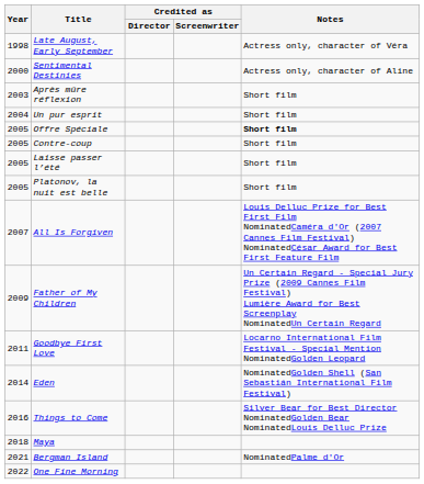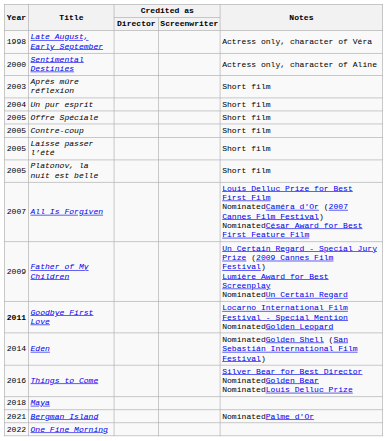 <table class="wikitable sortable">
 <tr>
 <th rowspan="2" width="33">Year</th>
 <th rowspan="2">Title</th>
 <th colspan="2">Credited as</th>
 <th rowspan="2">Notes</th>
 </tr>
 <tr>
 <th width="65">Director</th>
 <th width="65">Screenwriter</th>
 </tr>
 <tr>
 <td align="center">1998</td>
 <td><em><a href='#'>Late August, Early September</a></em></td>
 <td></td>
 <td></td>
 <td>Actress only, character of Véra</td>
 </tr>
 <tr>
 <td align="center">2000</td>
 <td><em><a href='#'>Sentimental Destinies</a></em></td>
 <td></td>
 <td></td>
 <td>Actress only, character of Aline</td>
 </tr>
 <tr>
 <td align="center">2003</td>
 <td align="left"><em>Après mûre réflexion</em></td>
 <td></td>
 <td></td>
 <td>Short film</td>
 </tr>
 <tr>
 <td align="center">2004</td>
 <td align="left"><em>Un pur esprit</em></td>
 <td></td>
 <td></td>
 <td>Short film</td>
 </tr>
 <tr>
 <td align="center">2005</td>
 <td align="left"><em>Offre Spéciale</em></td>
 <td></td>
 <td></td>
-<td><strong>Short film</strong></td>
+<td>Short film</td>
 </tr>
 <tr>
 <td align="center">2005</td>
 <td align="left"><em>Contre-coup</em></td>
 <td></td>
 <td></td>
 <td>Short film</td>
 </tr>
 <tr>
 <td align="center">2005</td>
 <td align="left"><em>Laisse passer l’été</em></td>
 <td></td>
 <td></td>
 <td>Short film</td>
 </tr>
 <tr>
 <td align="center">2005</td>
 <td align="left"><em>Platonov, la nuit est belle</em></td>
 <td></td>
 <td></td>
 <td>Short film</td>
 </tr>
 <tr>
 <td align="center">2007</td>
 <td align="left"><em><a href='#'>All Is Forgiven</a></em></td>
 <td></td>
 <td></td>
 <td><a href='#'>Louis Delluc Prize for Best First Film</a><br>Nominated<a href='#'>Caméra d'Or</a> (<a href='#'>2007 Cannes Film Festival</a>)<br>Nominated<a href='#'>César Award for Best First Feature Film</a></td>
 </tr>
 <tr>
 <td align="center">2009</td>
 <td align="left"><em><a href='#'>Father of My Children</a></em></td>
 <td></td>
 <td></td>
 <td><a href='#'>Un Certain Regard - Special Jury Prize</a> (<a href='#'>2009 Cannes Film Festival</a>)<br><a href='#'>Lumière Award for Best Screenplay</a><br>Nominated<a href='#'>Un Certain Regard</a></td>
 </tr>
 <tr>
-<td align="center">2011</td>
+<td align="center"><strong>2011</strong></td>
 <td align="left"><em><a href='#'>Goodbye First Love</a></em></td>
 <td></td>
 <td></td>
 <td><a href='#'>Locarno International Film Festival - Special Mention</a><br>Nominated<a href='#'>Golden Leopard</a></td>
 </tr>
 <tr>
 <td align="center">2014</td>
 <td align="left"><em><a href='#'>Eden</a></em></td>
 <td></td>
 <td></td>
 <td>Nominated<a href='#'>Golden Shell</a> (<a href='#'>San Sebastián International Film Festival</a>)</td>
 </tr>
 <tr>
 <td align="center">2016</td>
 <td align="left"><em><a href='#'>Things to Come</a></em></td>
 <td></td>
 <td></td>
 <td><a href='#'>Silver Bear for Best Director</a><br>Nominated<a href='#'>Golden Bear</a><br>Nominated<a href='#'>Louis Delluc Prize</a></td>
 </tr>
 <tr>
 <td align="center">2018</td>
 <td><em><a href='#'>Maya</a></em></td>
 <td></td>
 <td></td>
 <td></td>
 </tr>
 <tr>
 <td align="center">2021</td>
 <td><em><a href='#'>Bergman Island</a></em></td>
 <td></td>
 <td></td>
 <td>Nominated<a href='#'>Palme d'Or</a></td>
 </tr>
 <tr>
 <td align="center">2022</td>
 <td><em><a href='#'>One Fine Morning</a></em></td>
 <td></td>
 <td></td>
 <td></td>
 </tr>
 </table>
